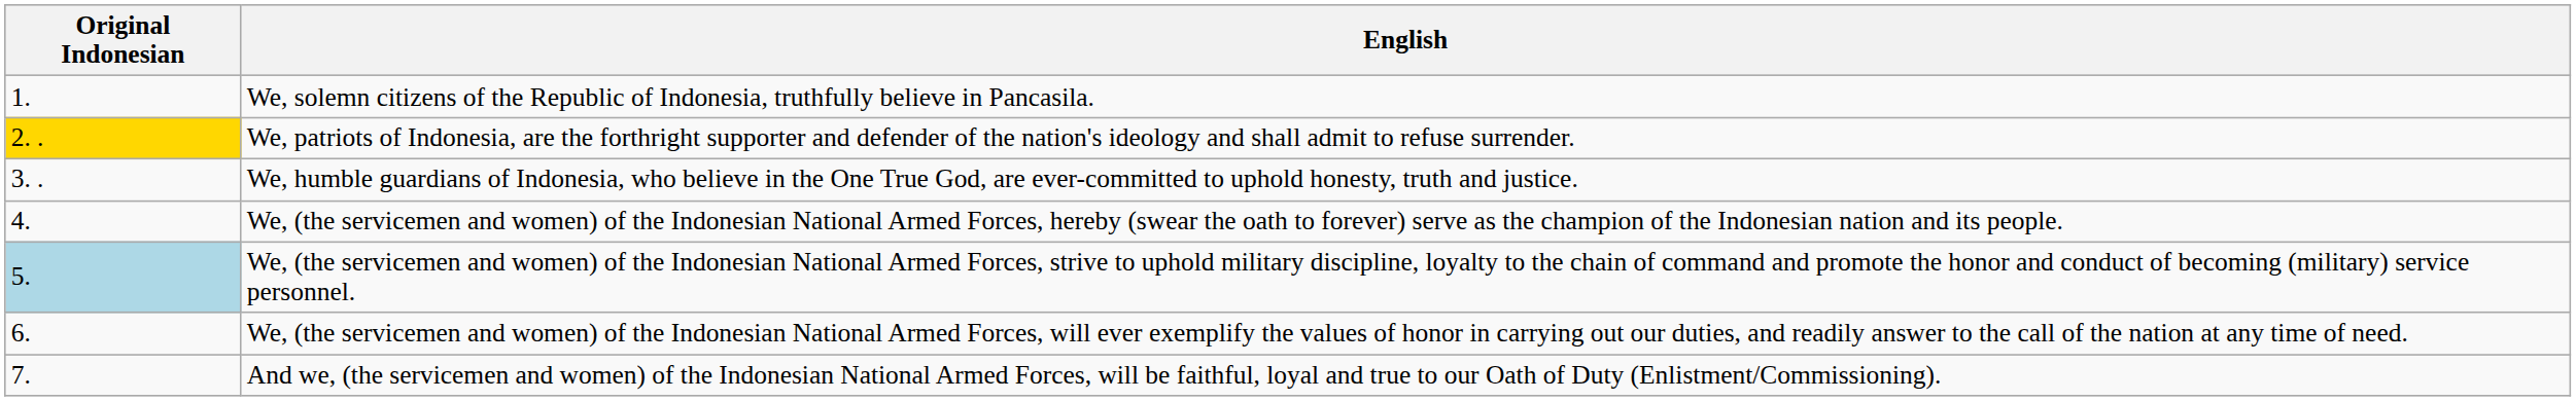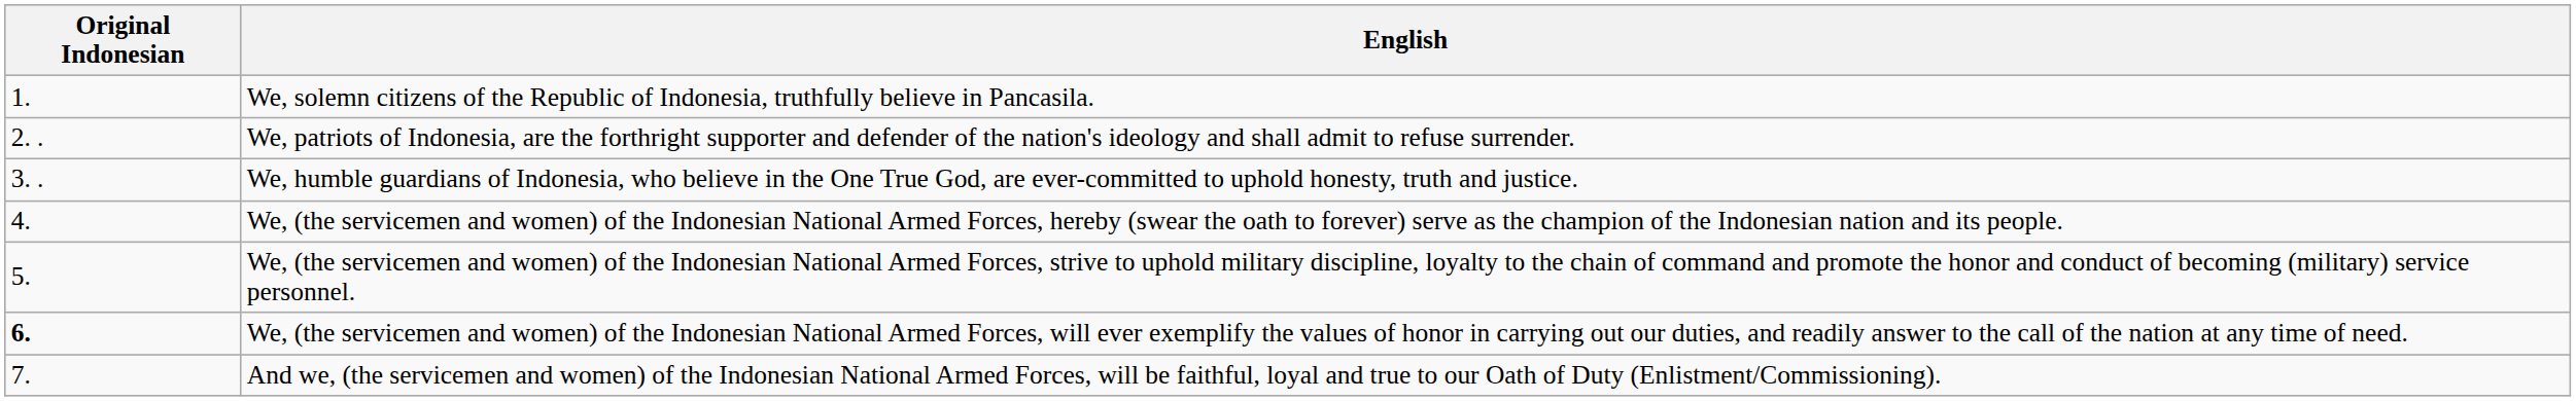 <table class="wikitable">
 <tr>
 <th>Original Indonesian</th>
 <th>English</th>
 </tr>
 <tr>
 <td>1. </td>
 <td>We, solemn citizens of the Republic of Indonesia, truthfully believe in Pancasila.</td>
 </tr>
 <tr>
-<td style="background: gold;">2. .</td>
+<td>2. .</td>
 <td>We, patriots of Indonesia, are the forthright supporter and defender of the nation's ideology and shall admit to refuse surrender.</td>
 </tr>
 <tr>
 <td>3. .</td>
 <td>We, humble guardians of Indonesia, who believe in the One True God, are ever-committed to uphold honesty, truth and justice.</td>
 </tr>
 <tr>
 <td>4. </td>
 <td>We, (the servicemen and women) of the Indonesian National Armed Forces, hereby (swear the oath to forever) serve as the champion of the Indonesian nation and its people.</td>
 </tr>
 <tr>
-<td style="background: lightblue;">5. </td>
+<td>5. </td>
 <td>We, (the servicemen and women) of the Indonesian National Armed Forces, strive to uphold military discipline, loyalty to the chain of command and promote the honor and conduct of becoming (military) service personnel.</td>
 </tr>
 <tr>
-<td>6. </td>
+<td><strong>6. </strong></td>
 <td>We, (the servicemen and women) of the Indonesian National Armed Forces, will ever exemplify the values of honor in carrying out our duties, and readily answer to the call of the nation at any time of need.</td>
 </tr>
 <tr>
 <td>7. </td>
 <td>And we, (the servicemen and women) of the Indonesian National Armed Forces, will be faithful, loyal and true to our Oath of Duty (Enlistment/Commissioning).</td>
 </tr>
 </table>
